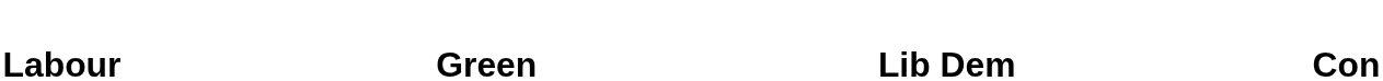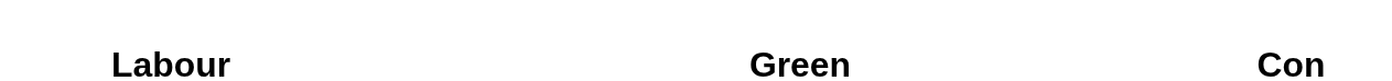 <table style="width:60%; text-align:center;">
 <tr style="color:white;">
 <td style="background:"><strong>16</strong></td>
 <td style="background:"><strong>14</strong></td>
-<td style="background:"><strong>5</strong></td>
 <td style="background:"><strong>4</strong></td>
 </tr>
 <tr>
 <td><span><strong>Labour</strong></span></td>
 <td><span><strong>Green</strong></span></td>
-<td><span><strong>Lib Dem</strong></span></td>
 <td><span><strong>Con</strong></span></td>
 </tr>
 </table>
